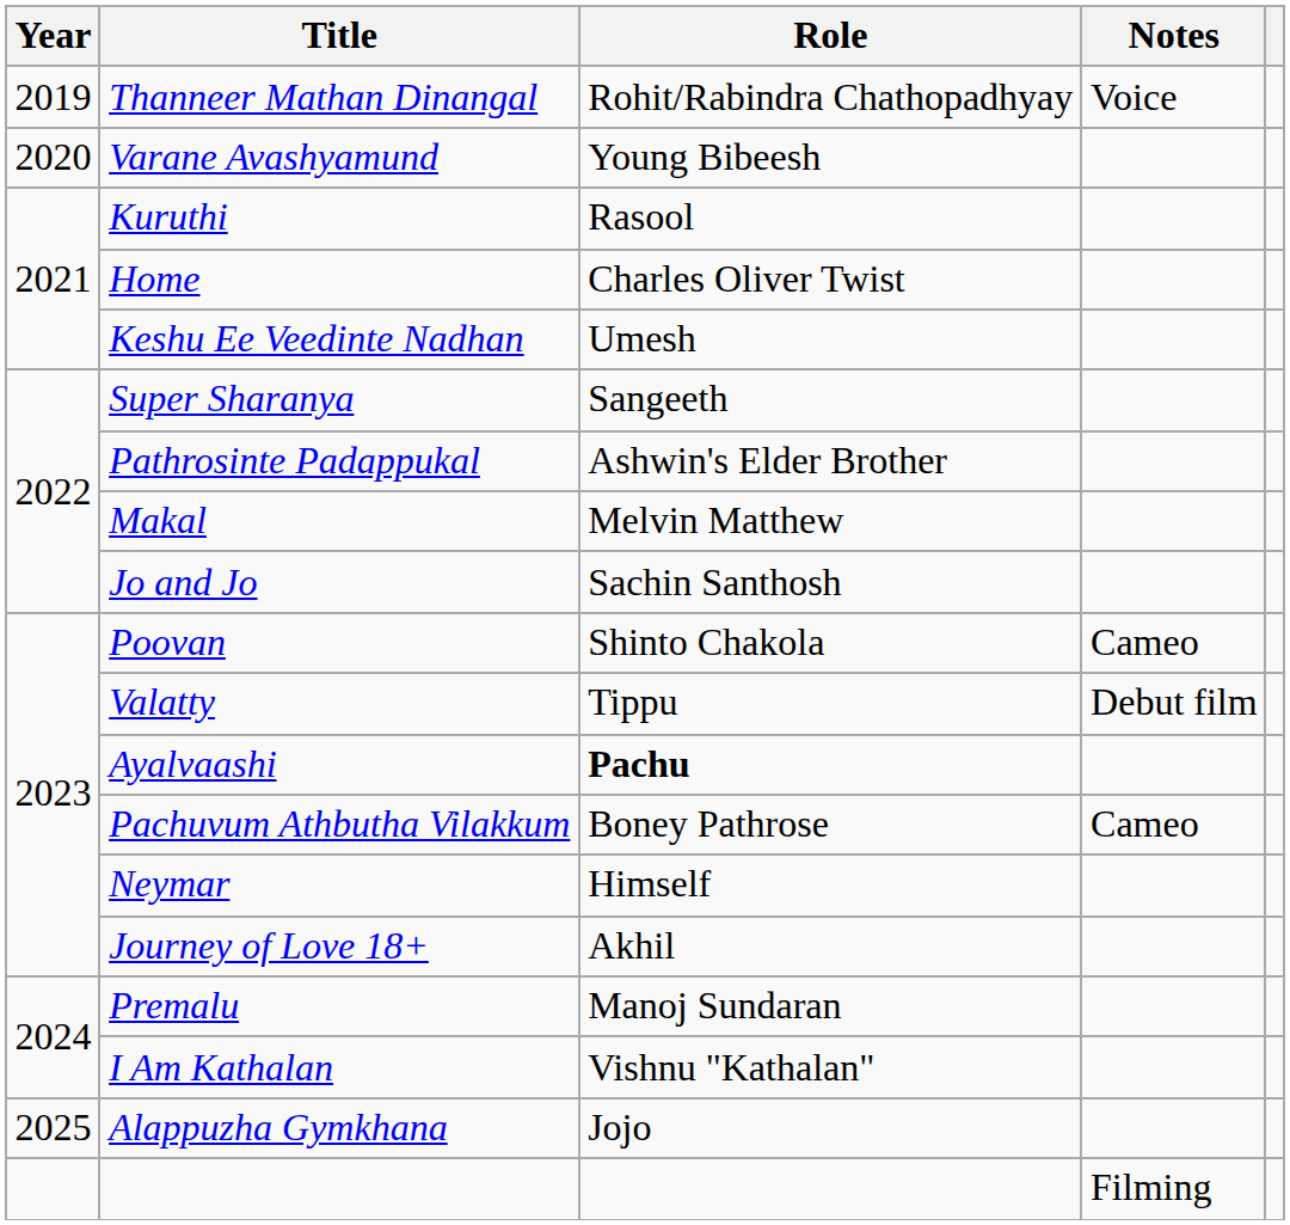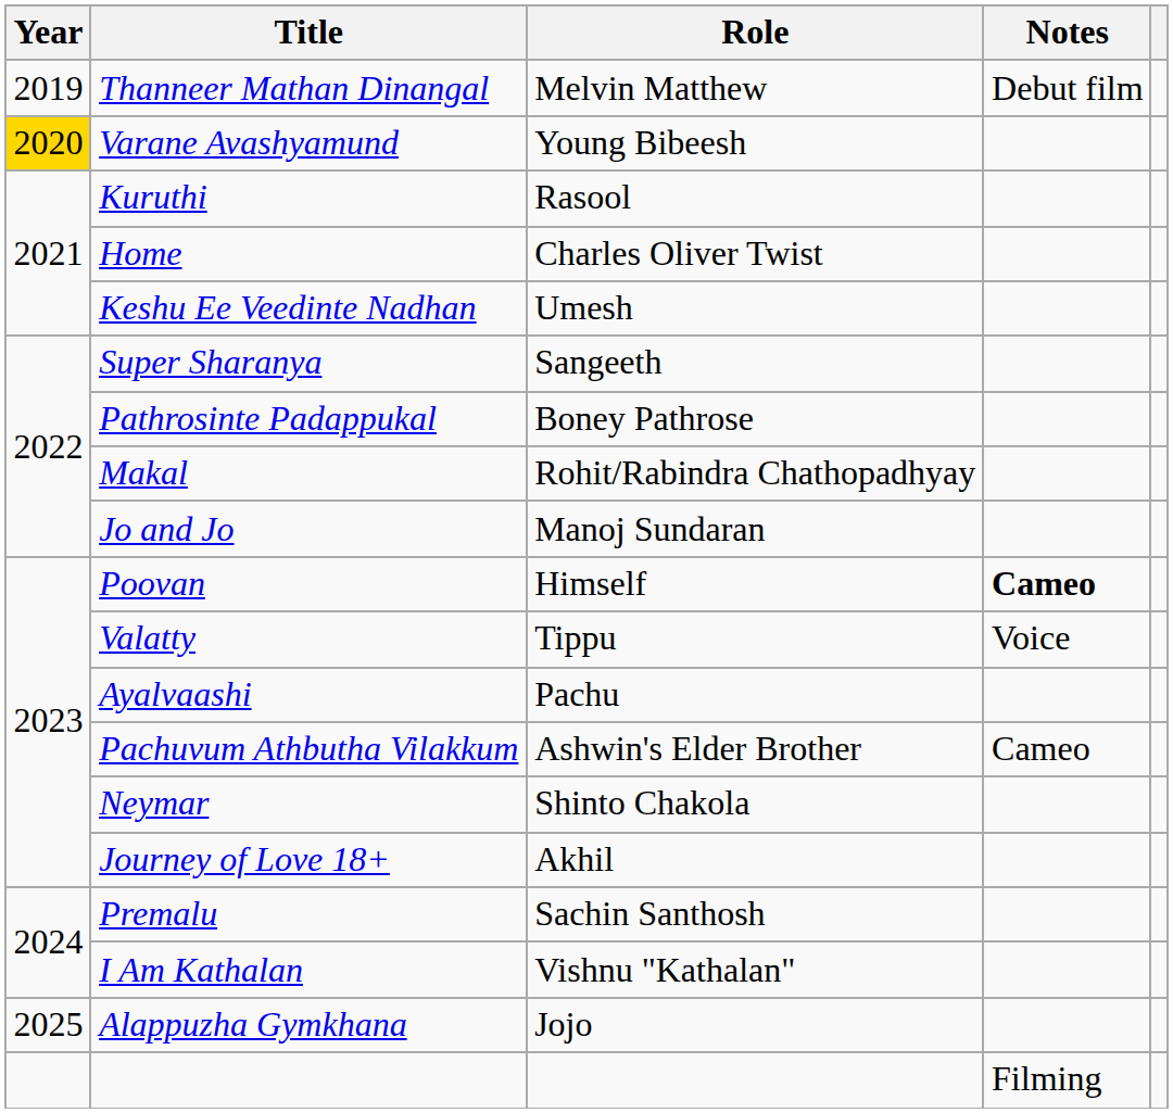 <table class="wikitable sortable">
 <tr>
 <th>Year</th>
 <th>Title</th>
 <th>Role</th>
 <th class="unsortable">Notes</th>
 <th></th>
 </tr>
 <tr>
 <td>2019</td>
 <td><em><a href='#'>Thanneer Mathan Dinangal</a></em></td>
-<td>Rohit/Rabindra Chathopadhyay</td>
-<td>Voice</td>
+<td>Melvin Matthew</td>
+<td>Debut film</td>
 <td></td>
 </tr>
 <tr>
-<td>2020</td>
+<td style="background: gold;">2020</td>
 <td><em><a href='#'>Varane Avashyamund</a></em></td>
 <td>Young Bibeesh</td>
 <td></td>
 <td></td>
 </tr>
 <tr>
 <td rowspan=3>2021</td>
 <td><em><a href='#'>Kuruthi</a></em></td>
 <td>Rasool</td>
 <td></td>
 <td></td>
 </tr>
 <tr>
 <td><em><a href='#'>Home</a></em></td>
 <td>Charles Oliver Twist</td>
 <td></td>
 <td></td>
 </tr>
 <tr>
 <td><em><a href='#'>Keshu Ee Veedinte Nadhan</a></em></td>
 <td>Umesh</td>
 <td></td>
 <td></td>
 </tr>
 <tr>
 <td rowspan=4>2022</td>
 <td><em><a href='#'>Super Sharanya</a></em></td>
 <td>Sangeeth</td>
 <td></td>
 <td></td>
 </tr>
 <tr>
 <td><em><a href='#'>Pathrosinte Padappukal</a></em></td>
-<td>Ashwin's Elder Brother</td>
+<td>Boney Pathrose</td>
 <td></td>
 <td></td>
 </tr>
 <tr>
 <td><em><a href='#'>Makal</a></em></td>
-<td>Melvin Matthew</td>
+<td>Rohit/Rabindra Chathopadhyay</td>
 <td></td>
 <td></td>
 </tr>
 <tr>
 <td><em><a href='#'>Jo and Jo</a></em></td>
-<td>Sachin Santhosh</td>
+<td>Manoj Sundaran</td>
 <td></td>
 <td></td>
 </tr>
 <tr>
 <td rowspan=6>2023</td>
 <td><em><a href='#'>Poovan</a></em></td>
-<td>Shinto Chakola</td>
-<td>Cameo</td>
+<td>Himself</td>
+<td><strong>Cameo</strong></td>
 <td></td>
 </tr>
 <tr>
 <td><em><a href='#'>Valatty</a></em></td>
 <td>Tippu</td>
-<td>Debut film</td>
+<td>Voice</td>
 <td></td>
 </tr>
 <tr>
 <td><em><a href='#'>Ayalvaashi</a></em></td>
-<td><strong>Pachu</strong></td>
+<td>Pachu</td>
 <td></td>
 <td></td>
 </tr>
 <tr>
 <td><em><a href='#'>Pachuvum Athbutha Vilakkum</a></em></td>
-<td>Boney Pathrose</td>
+<td>Ashwin's Elder Brother</td>
 <td>Cameo</td>
 <td></td>
 </tr>
 <tr>
 <td><em><a href='#'>Neymar</a></em></td>
-<td>Himself</td>
+<td>Shinto Chakola</td>
 <td></td>
 <td></td>
 </tr>
 <tr>
 <td><em><a href='#'>Journey of Love 18+</a></em></td>
 <td>Akhil</td>
 <td></td>
 <td></td>
 </tr>
 <tr>
 <td rowspan=2>2024</td>
 <td><em><a href='#'>Premalu</a></em></td>
-<td>Manoj Sundaran</td>
+<td>Sachin Santhosh</td>
 <td></td>
 <td></td>
 </tr>
 <tr>
 <td><em><a href='#'>I Am Kathalan</a></em></td>
 <td>Vishnu "Kathalan"</td>
 <td></td>
 <td></td>
 </tr>
 <tr>
 <td>2025</td>
 <td><em><a href='#'>Alappuzha Gymkhana</a></em></td>
 <td>Jojo</td>
 <td></td>
 <td></td>
 </tr>
 <tr>
 <td></td>
 <td></td>
 <td></td>
 <td>Filming</td>
 <td></td>
 </tr>
 </table>
